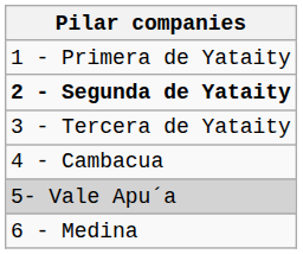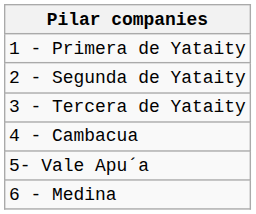 <table class="wikitable">
 <tr>
 <th>Pilar companies</th>
 </tr>
 <tr>
 <td>1 - Primera de Yataity</td>
 </tr>
 <tr>
-<td><strong>2 - Segunda de Yataity</strong></td>
+<td>2 - Segunda de Yataity</td>
 </tr>
 <tr>
 <td>3 - Tercera de Yataity</td>
 </tr>
 <tr>
 <td>4 - Cambacua</td>
 </tr>
 <tr>
-<td style="background: lightgrey;">5- Vale Apu´a</td>
+<td>5- Vale Apu´a</td>
 </tr>
 <tr>
 <td>6 - Medina</td>
 </tr>
 </table>
